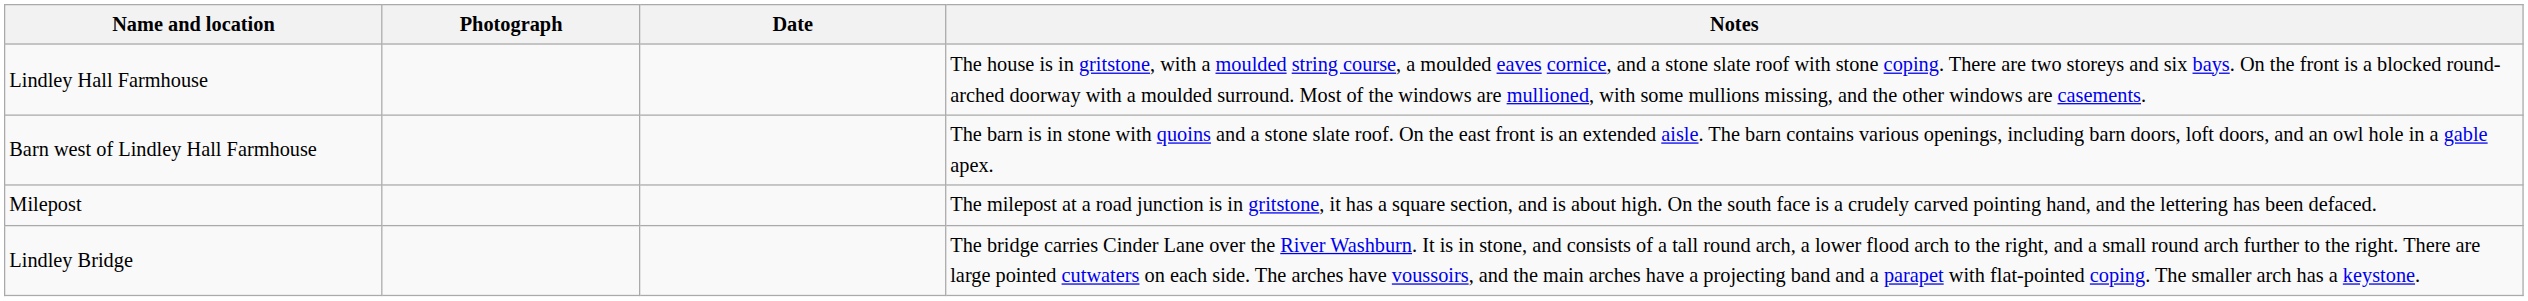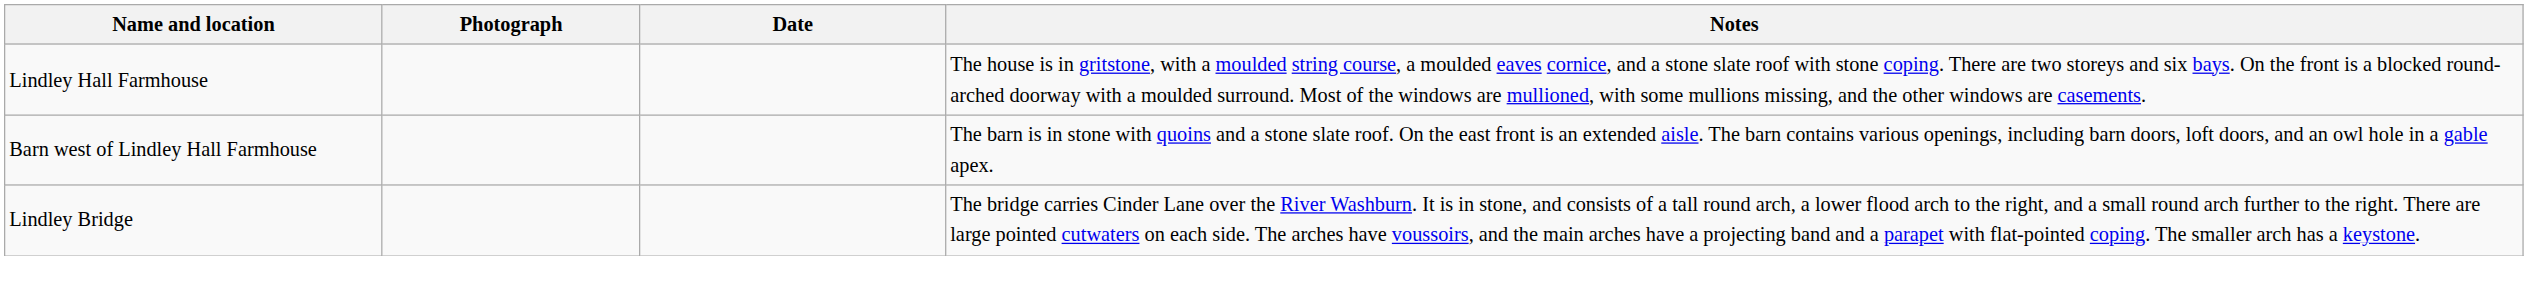 <table class="wikitable sortable plainrowheaders" style="width:100%;border:0px;text-align:left;line-height:150%;">
 <tr>
 <th scope="col"  style="width:150px">Name and location</th>
 <th scope="col"  style="width:100px" class="unsortable">Photograph</th>
 <th scope="col"  style="width:120px">Date</th>
 <th scope="col"  style="width:650px" class="unsortable">Notes</th>
 </tr>
 <tr>
 <td>Lindley Hall Farmhouse<br><small></small></td>
 <td></td>
 <td align="center"></td>
 <td>The house is in <a href='#'>gritstone</a>, with a <a href='#'>moulded</a> <a href='#'>string course</a>, a moulded <a href='#'>eaves</a> <a href='#'>cornice</a>, and a stone slate roof with stone <a href='#'>coping</a>. There are two storeys and six <a href='#'>bays</a>. On the front is a blocked round-arched doorway with a moulded surround. Most of the windows are <a href='#'>mullioned</a>, with some mullions missing, and the other windows are <a href='#'>casements</a>.</td>
 </tr>
 <tr>
 <td>Barn west of Lindley Hall Farmhouse<br><small></small></td>
 <td></td>
 <td align="center"></td>
 <td>The barn is in stone with <a href='#'>quoins</a> and a stone slate roof. On the east front is an extended <a href='#'>aisle</a>. The barn contains various openings, including barn doors, loft doors, and an owl hole in a <a href='#'>gable</a> apex.</td>
 </tr>
 <tr>
-<td>Milepost<br><small></small></td>
-<td></td>
-<td align="center"></td>
-<td>The milepost at a road junction is in <a href='#'>gritstone</a>, it has a square section, and is about  high. On the south face is a crudely carved pointing hand, and the lettering has been defaced.</td>
-</tr>
-<tr>
 <td>Lindley Bridge<br><small></small></td>
 <td></td>
 <td align="center"></td>
 <td>The bridge carries Cinder Lane over the <a href='#'>River Washburn</a>. It is in stone, and consists of a tall round arch, a lower flood arch to the right, and a small round arch further to the right. There are large pointed <a href='#'>cutwaters</a> on each side. The arches have <a href='#'>voussoirs</a>, and the main arches have a projecting band and a <a href='#'>parapet</a> with flat-pointed <a href='#'>coping</a>. The smaller arch has a <a href='#'>keystone</a>.</td>
 </tr>
 <tr>
 </tr>
 </table>
